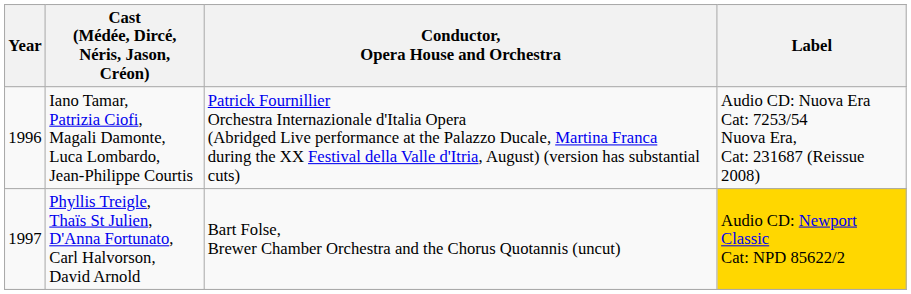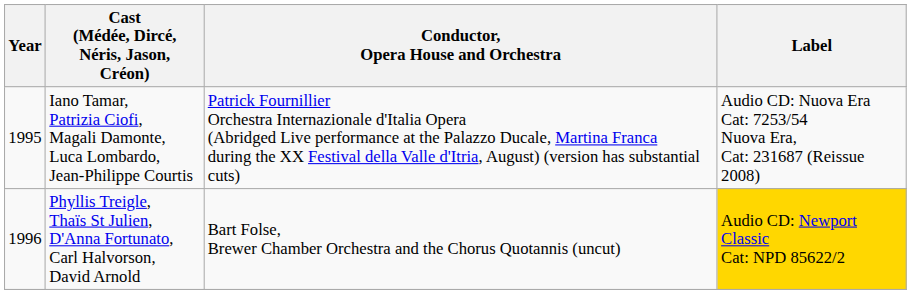 <table class="wikitable">
 <tr>
 <th>Year</th>
 <th width="145">Cast<br>(Médée, Dircé,<br>Néris, Jason,<br>Créon)</th>
 <th>Conductor,<br>Opera House and Orchestra</th>
 <th>Label</th>
 </tr>
 <tr>
-<td>1996</td>
+<td>1995</td>
 <td>Iano Tamar,<br><a href='#'>Patrizia Ciofi</a>,<br>Magali Damonte,<br>Luca Lombardo,<br>Jean-Philippe Courtis</td>
 <td><a href='#'>Patrick Fournillier</a><br>Orchestra Internazionale d'Italia Opera<br>(Abridged Live performance at the Palazzo Ducale, <a href='#'>Martina Franca</a><br>during the XX <a href='#'>Festival della Valle d'Itria</a>, August) (version has substantial cuts)</td>
 <td>Audio CD: Nuova Era<br>Cat: 7253/54<br>Nuova Era,<br>Cat: 231687 (Reissue 2008)</td>
 </tr>
 <tr>
-<td>1997</td>
+<td>1996</td>
 <td><a href='#'>Phyllis Treigle</a>,<br><a href='#'>Thaïs St Julien</a>,<br><a href='#'>D'Anna Fortunato</a>,<br>Carl Halvorson,<br>David Arnold</td>
 <td>Bart Folse,<br>Brewer Chamber Orchestra and the Chorus Quotannis (uncut)</td>
 <td style="background: gold;">Audio CD: <a href='#'>Newport Classic</a><br>Cat: NPD 85622/2</td>
 </tr>
 <tr>
 </tr>
 </table>
